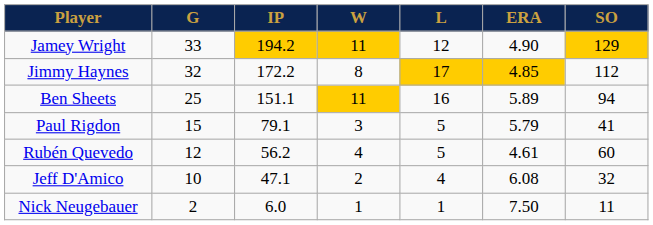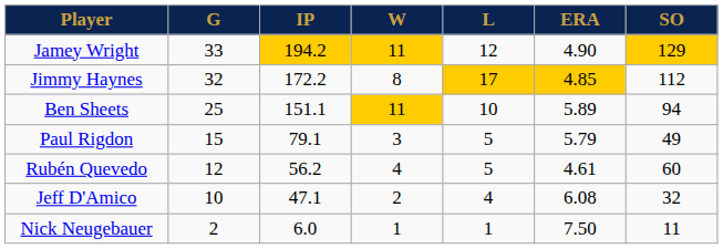 <table class="wikitable sortable">
 <tr>
 <th style=" background:#0a2351; color:#CBA140;" width="16%">Player</th>
 <th style=" background:#0a2351; color:#CBA140;" width="9%">G</th>
 <th style=" background:#0a2351; color:#CBA140;" width="9%">IP</th>
 <th style=" background:#0a2351; color:#CBA140;" width="9%">W</th>
 <th style=" background:#0a2351; color:#CBA140;" width="9%">L</th>
 <th style=" background:#0a2351; color:#CBA140;" width="9%">ERA</th>
 <th style=" background:#0a2351; color:#CBA140;" width="9%">SO</th>
 </tr>
 <tr align=center>
 <td><a href='#'>Jamey Wright</a></td>
 <td>33</td>
 <td bgcolor="#FFCC00">194.2</td>
 <td bgcolor="#FFCC00">11</td>
 <td>12</td>
 <td>4.90</td>
 <td bgcolor="#FFCC00">129</td>
 </tr>
 <tr align=center>
 <td><a href='#'>Jimmy Haynes</a></td>
 <td>32</td>
 <td>172.2</td>
 <td>8</td>
 <td bgcolor="#FFCC00">17</td>
 <td bgcolor="#FFCC00">4.85</td>
 <td>112</td>
 </tr>
 <tr align=center>
 <td><a href='#'>Ben Sheets</a></td>
 <td>25</td>
 <td>151.1</td>
 <td bgcolor="#FFCC00">11</td>
-<td>16</td>
+<td>10</td>
 <td>5.89</td>
 <td>94</td>
 </tr>
 <tr align=center>
 <td><a href='#'>Paul Rigdon</a></td>
 <td>15</td>
 <td>79.1</td>
 <td>3</td>
 <td>5</td>
 <td>5.79</td>
-<td>41</td>
+<td>49</td>
 </tr>
 <tr align=center>
 <td><a href='#'>Rubén Quevedo</a></td>
 <td>12</td>
 <td>56.2</td>
 <td>4</td>
 <td>5</td>
 <td>4.61</td>
 <td>60</td>
 </tr>
 <tr align=center>
 <td><a href='#'>Jeff D'Amico</a></td>
 <td>10</td>
 <td>47.1</td>
 <td>2</td>
 <td>4</td>
 <td>6.08</td>
 <td>32</td>
 </tr>
 <tr align=center>
 <td><a href='#'>Nick Neugebauer</a></td>
 <td>2</td>
 <td>6.0</td>
 <td>1</td>
 <td>1</td>
 <td>7.50</td>
 <td>11</td>
 </tr>
 </table>
